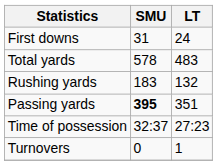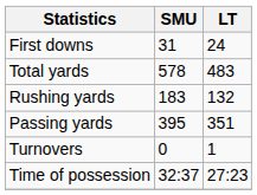 <table class="wikitable" style="float: left;">
 <tr>
 <th>Statistics</th>
 <th>SMU</th>
 <th>LT</th>
 </tr>
 <tr>
 <td>First downs</td>
 <td>31</td>
 <td>24</td>
 </tr>
 <tr>
 <td>Total yards</td>
 <td>578</td>
 <td>483</td>
 </tr>
 <tr>
 <td>Rushing yards</td>
 <td>183</td>
 <td>132</td>
 </tr>
 <tr>
 <td>Passing yards</td>
-<td><strong>395</strong></td>
+<td>395</td>
 <td>351</td>
+</tr>
+<tr>
+<td>Turnovers</td>
+<td>0</td>
+<td>1</td>
 </tr>
 <tr>
 <td>Time of possession</td>
 <td>32:37</td>
 <td>27:23</td>
 </tr>
 <tr>
-<td>Turnovers</td>
-<td>0</td>
-<td>1</td>
-</tr>
-<tr>
 </tr>
 </table>
